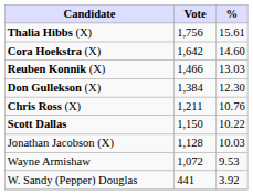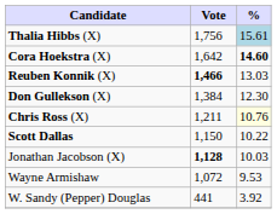 <table class="wikitable">
 <tr>
 <th style="background:#ddf; width:225px;">Candidate</th>
 <th style="background:#ddf; width:50px;">Vote</th>
 <th style="background:#ddf; width:30px;">%</th>
 </tr>
 <tr>
 <td><strong>Thalia Hibbs</strong> (X)</td>
 <td>1,756</td>
-<td>15.61</td>
+<td style="background: lightblue;">15.61</td>
 </tr>
 <tr>
 <td><strong>Cora Hoekstra</strong> (X)</td>
 <td>1,642</td>
-<td>14.60</td>
+<td><strong>14.60</strong></td>
 </tr>
 <tr>
 <td><strong>Reuben Konnik</strong> (X)</td>
-<td>1,466</td>
+<td><strong>1,466</strong></td>
 <td>13.03</td>
 </tr>
 <tr>
 <td><strong>Don Gullekson</strong> (X)</td>
 <td>1,384</td>
 <td>12.30</td>
 </tr>
 <tr>
 <td><strong>Chris Ross</strong> (X)</td>
 <td>1,211</td>
-<td>10.76</td>
+<td style="background: lightyellow;">10.76</td>
 </tr>
 <tr>
 <td><strong>Scott Dallas</strong></td>
 <td>1,150</td>
 <td>10.22</td>
 </tr>
 <tr>
 <td>Jonathan Jacobson (X)</td>
-<td>1,128</td>
+<td><strong>1,128</strong></td>
 <td>10.03</td>
 </tr>
 <tr>
 <td>Wayne Armishaw</td>
 <td>1,072</td>
 <td>9.53</td>
 </tr>
 <tr>
 <td>W. Sandy (Pepper) Douglas</td>
 <td>441</td>
 <td>3.92</td>
 </tr>
 <tr>
 </tr>
 </table>
